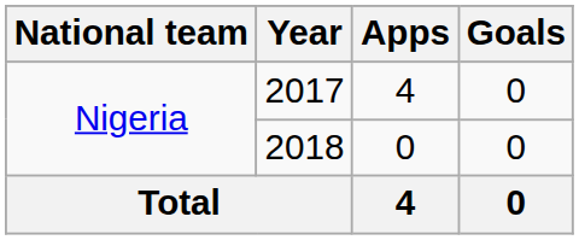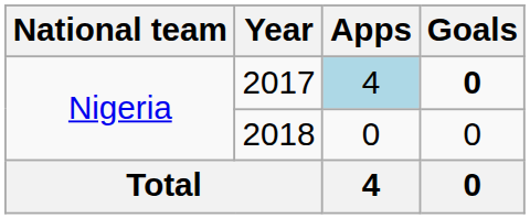 <table class="wikitable" style="text-align:center">
 <tr>
 <th>National team</th>
 <th>Year</th>
 <th>Apps</th>
 <th>Goals</th>
 </tr>
 <tr>
 <td rowspan="2"><a href='#'>Nigeria</a></td>
 <td>2017</td>
-<td>4</td>
-<td>0</td>
+<td style="background: lightblue;">4</td>
+<td><strong>0</strong></td>
 </tr>
 <tr>
 <td>2018</td>
 <td>0</td>
 <td>0</td>
 </tr>
 <tr>
 <th colspan="2">Total</th>
 <th>4</th>
 <th>0</th>
 </tr>
 </table>
